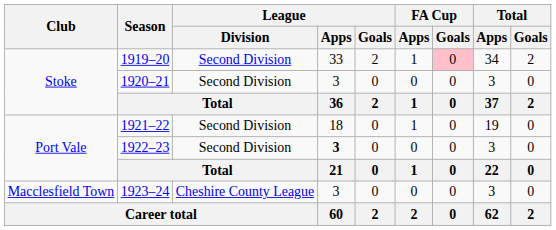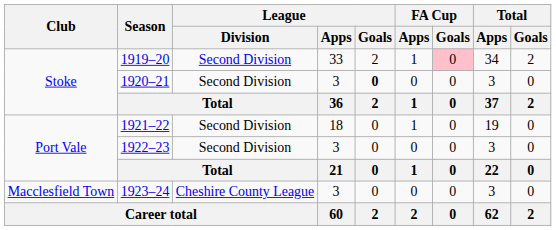 <table class="wikitable" style="text-align: center;">
 <tr>
 <th rowspan="2">Club</th>
 <th rowspan="2">Season</th>
 <th colspan="3">League</th>
 <th colspan="2">FA Cup</th>
 <th colspan="2">Total</th>
 </tr>
 <tr>
 <th>Division</th>
 <th>Apps</th>
 <th>Goals</th>
 <th>Apps</th>
 <th>Goals</th>
 <th>Apps</th>
 <th>Goals</th>
 </tr>
 <tr>
 <td rowspan="3"><a href='#'>Stoke</a></td>
 <td><a href='#'>1919–20</a></td>
 <td><a href='#'>Second Division</a></td>
 <td>33</td>
 <td>2</td>
 <td>1</td>
 <td style="background: pink;">0</td>
 <td>34</td>
 <td>2</td>
 </tr>
 <tr>
 <td><a href='#'>1920–21</a></td>
 <td>Second Division</td>
 <td>3</td>
-<td>0</td>
+<td><strong>0</strong></td>
 <td>0</td>
 <td>0</td>
 <td>3</td>
 <td>0</td>
 </tr>
 <tr>
 <th colspan="2">Total</th>
 <th>36</th>
 <th>2</th>
 <th>1</th>
 <th>0</th>
 <th>37</th>
 <th>2</th>
 </tr>
 <tr>
 <td rowspan="3"><a href='#'>Port Vale</a></td>
 <td><a href='#'>1921–22</a></td>
 <td>Second Division</td>
 <td>18</td>
 <td>0</td>
 <td>1</td>
 <td>0</td>
 <td>19</td>
 <td>0</td>
 </tr>
 <tr>
 <td><a href='#'>1922–23</a></td>
 <td>Second Division</td>
-<td><strong>3</strong></td>
+<td>3</td>
 <td>0</td>
 <td>0</td>
 <td>0</td>
 <td>3</td>
 <td>0</td>
 </tr>
 <tr>
 <th colspan="2">Total</th>
 <th>21</th>
 <th>0</th>
 <th>1</th>
 <th>0</th>
 <th>22</th>
 <th>0</th>
 </tr>
 <tr>
 <td><a href='#'>Macclesfield Town</a></td>
 <td><a href='#'>1923–24</a></td>
 <td><a href='#'>Cheshire County League</a></td>
 <td>3</td>
 <td>0</td>
 <td>0</td>
 <td>0</td>
 <td>3</td>
 <td>0</td>
 </tr>
 <tr>
 <th colspan="3">Career total</th>
 <th>60</th>
 <th>2</th>
 <th>2</th>
 <th>0</th>
 <th>62</th>
 <th>2</th>
 </tr>
 </table>
